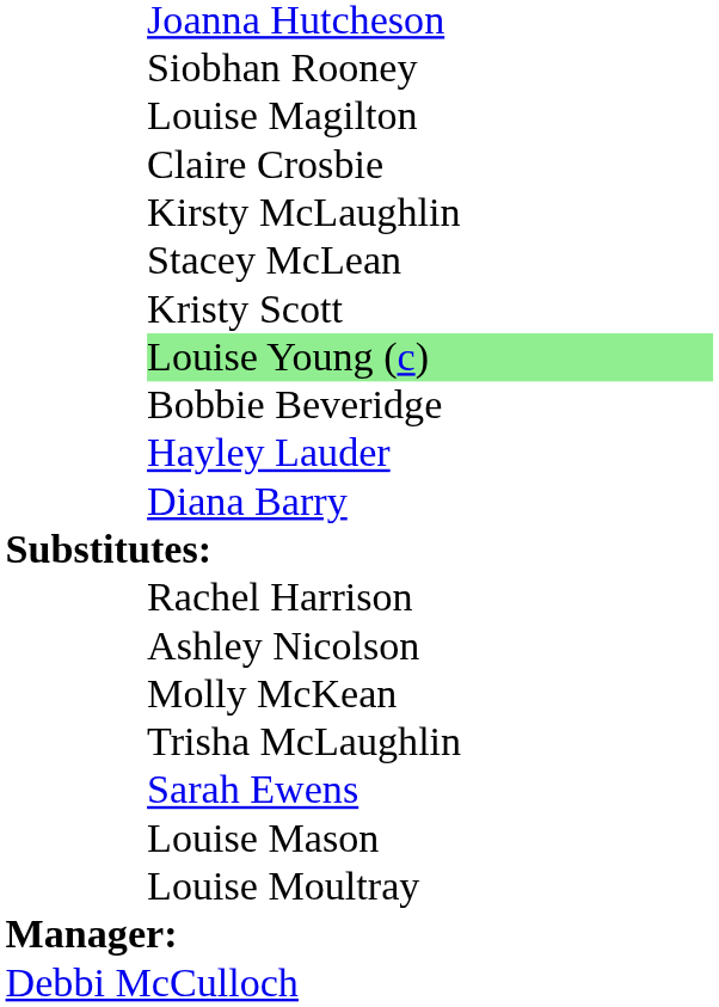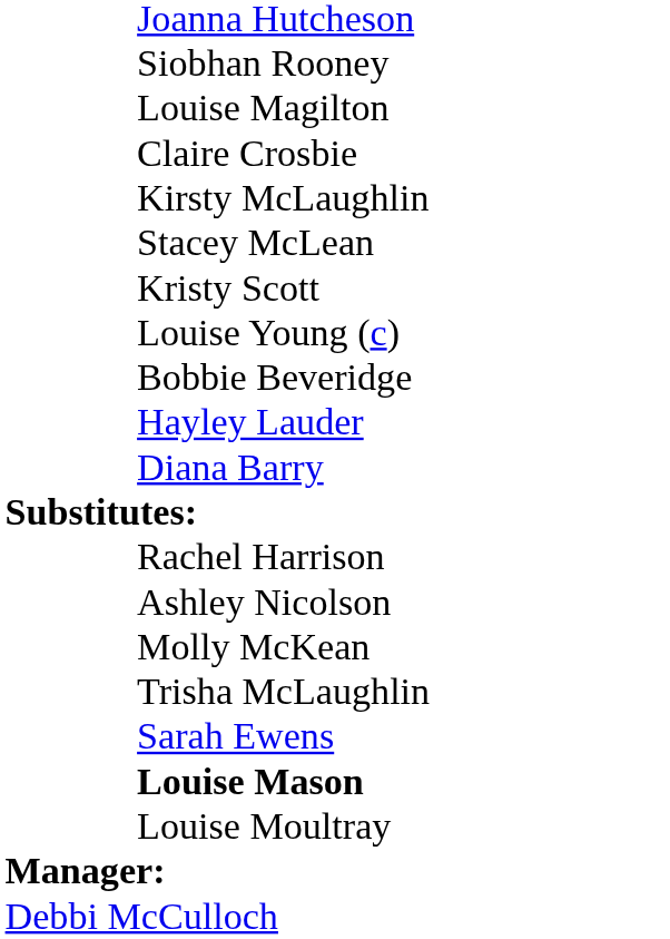 <table style="font-size: 90%" cellspacing="0" cellpadding="0" align="center">
 <tr>
 <th width="25"></th>
 <th width="25"></th>
 <th width="200"></th>
 <th></th>
 </tr>
 <tr>
 <td></td>
 <td></td>
 <td> <a href='#'>Joanna Hutcheson</a></td>
 </tr>
 <tr>
 <td></td>
 <td></td>
 <td> Siobhan Rooney</td>
 </tr>
 <tr>
 <td></td>
 <td></td>
 <td> Louise Magilton</td>
 </tr>
 <tr>
 <td></td>
 <td></td>
 <td> Claire Crosbie</td>
 </tr>
 <tr>
 <td></td>
 <td></td>
 <td> Kirsty McLaughlin</td>
 </tr>
 <tr>
 <td></td>
 <td></td>
 <td> Stacey McLean</td>
 </tr>
 <tr>
 <td></td>
 <td></td>
 <td> Kristy Scott </td>
 </tr>
 <tr>
 <td></td>
 <td></td>
-<td style="background: lightgreen;"> Louise Young (<a href='#'>c</a>)</td>
+<td> Louise Young (<a href='#'>c</a>)</td>
 </tr>
 <tr>
 <td></td>
 <td></td>
 <td> Bobbie Beveridge</td>
 </tr>
 <tr>
 <td></td>
 <td></td>
 <td> <a href='#'>Hayley Lauder</a></td>
 </tr>
 <tr>
 <td></td>
 <td></td>
 <td> <a href='#'>Diana Barry</a> </td>
 </tr>
 <tr>
 <td colspan="4"><strong>Substitutes:</strong></td>
 </tr>
 <tr>
 <td></td>
 <td></td>
 <td> Rachel Harrison</td>
 </tr>
 <tr>
 <td></td>
 <td></td>
 <td> Ashley Nicolson</td>
 </tr>
 <tr>
 <td></td>
 <td></td>
 <td> Molly McKean</td>
 </tr>
 <tr>
 <td></td>
 <td></td>
 <td> Trisha McLaughlin</td>
 </tr>
 <tr>
 <td></td>
 <td></td>
 <td> <a href='#'>Sarah Ewens</a> </td>
 </tr>
 <tr>
 <td></td>
 <td></td>
-<td> Louise Mason </td>
+<td><strong> Louise Mason </strong></td>
 </tr>
 <tr>
 <td></td>
 <td></td>
 <td> Louise Moultray </td>
 </tr>
 <tr>
 <td colspan="4"><strong>Manager:</strong></td>
 </tr>
 <tr>
 <td colspan="4"> <a href='#'>Debbi McCulloch</a></td>
 </tr>
 </table>
